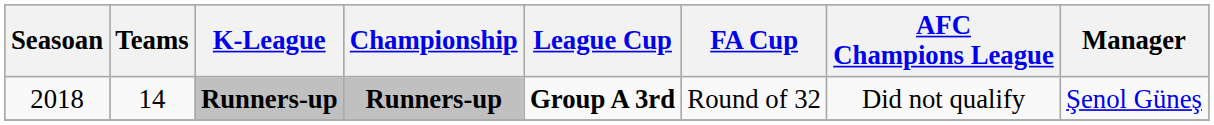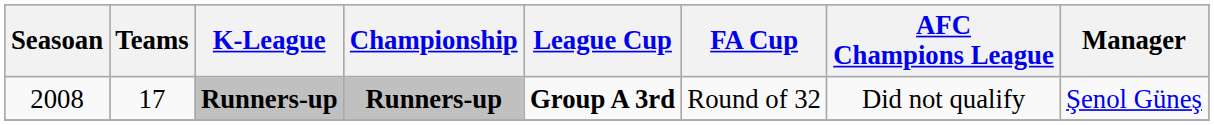 <table class="wikitable" style="text-align:center">
 <tr>
 <th>Seasoan</th>
 <th>Teams</th>
 <th><a href='#'>K-League</a></th>
 <th><a href='#'>Championship</a></th>
 <th><a href='#'>League Cup</a></th>
 <th><a href='#'>FA Cup</a></th>
 <th><a href='#'>AFC<br>Champions League</a></th>
 <th>Manager</th>
 </tr>
 <tr>
-<td>2018</td>
-<td>14</td>
+<td>2008</td>
+<td>17</td>
 <td bgcolor=silver><strong>Runners-up</strong></td>
 <td bgcolor=silver><strong>Runners-up</strong></td>
 <td><strong>Group A 3rd</strong></td>
 <td>Round of 32</td>
 <td>Did not qualify</td>
 <td align=left> <a href='#'>Şenol Güneş</a></td>
 </tr>
 <tr>
 </tr>
 </table>
